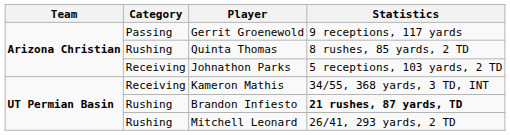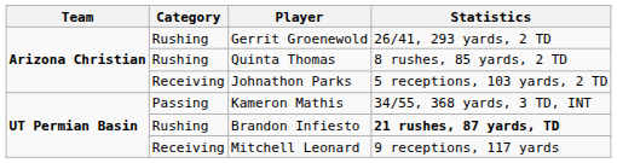 <table class="wikitable" style="float: right;">
 <tr>
 <th>Team</th>
 <th>Category</th>
 <th>Player</th>
 <th>Statistics</th>
 </tr>
 <tr>
 <td rowspan=3><strong>Arizona Christian</strong></td>
-<td>Passing</td>
+<td>Rushing</td>
 <td>Gerrit Groenewold</td>
-<td>9 receptions, 117 yards</td>
+<td>26/41, 293 yards, 2 TD</td>
 </tr>
 <tr>
 <td>Rushing</td>
 <td>Quinta Thomas</td>
 <td>8 rushes, 85 yards, 2 TD</td>
 </tr>
 <tr>
 <td>Receiving</td>
 <td>Johnathon Parks</td>
 <td>5 receptions, 103 yards, 2 TD</td>
 </tr>
 <tr>
 <td rowspan=3><strong>UT Permian Basin</strong></td>
-<td>Receiving</td>
+<td>Passing</td>
 <td>Kameron Mathis</td>
 <td>34/55, 368 yards, 3 TD, INT</td>
 </tr>
 <tr>
 <td>Rushing</td>
 <td>Brandon Infiesto</td>
 <td><strong>21 rushes, 87 yards, TD</strong></td>
 </tr>
 <tr>
-<td>Rushing</td>
+<td>Receiving</td>
 <td>Mitchell Leonard</td>
-<td>26/41, 293 yards, 2 TD</td>
+<td>9 receptions, 117 yards</td>
 </tr>
 </table>
